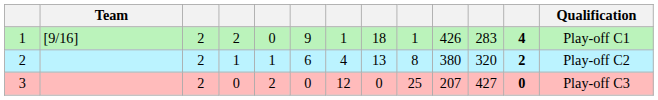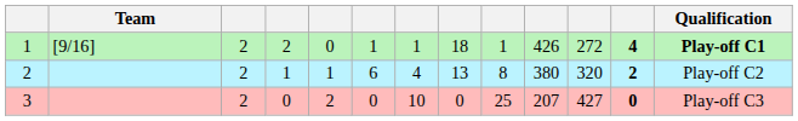 <table class=wikitable style="text-align:center" width=730>
 <tr>
 <th width=5.5%></th>
 <th width=22%>Team</th>
 <th width=5.5%></th>
 <th width=5.5%></th>
 <th width=5.5%></th>
 <th width=5.5%></th>
 <th width=5.5%></th>
 <th width=5.5%></th>
 <th width=5.5%></th>
 <th width=5.5%></th>
 <th width=5.5%></th>
 <th width=5.5%></th>
 <th width=18%>Qualification</th>
 </tr>
 <tr bgcolor=#bbf3bb>
 <td>1</td>
 <td style="text-align:left"> [9/16]</td>
 <td>2</td>
 <td>2</td>
 <td>0</td>
-<td>9</td>
+<td>1</td>
 <td>1</td>
 <td>18</td>
 <td>1</td>
 <td>426</td>
-<td>283</td>
+<td>272</td>
 <td><strong>4</strong></td>
-<td>Play-off C1</td>
+<td><strong>Play-off C1</strong></td>
 </tr>
 <tr bgcolor=#bbf3ff>
 <td>2</td>
 <td style="text-align:left"></td>
 <td>2</td>
 <td>1</td>
 <td>1</td>
 <td>6</td>
 <td>4</td>
 <td>13</td>
 <td>8</td>
 <td>380</td>
 <td>320</td>
 <td><strong>2</strong></td>
 <td>Play-off C2</td>
 </tr>
 <tr bgcolor=#ffbbbb>
 <td>3</td>
 <td style="text-align:left"></td>
 <td>2</td>
 <td>0</td>
 <td>2</td>
 <td>0</td>
-<td>12</td>
+<td>10</td>
 <td>0</td>
 <td>25</td>
 <td>207</td>
 <td>427</td>
 <td><strong>0</strong></td>
 <td>Play-off C3</td>
 </tr>
 </table>
